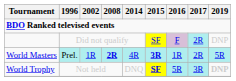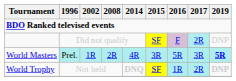 <table class=wikitable style=text-align:center;font-size:88%>
 <tr>
 <th>Tournament</th>
 <th>1996</th>
 <th>2002</th>
 <th>2008</th>
 <th>2014</th>
 <th>2015</th>
 <th>2016</th>
 <th>2017</th>
 <th>2019</th>
 </tr>
 <tr>
 <td colspan="30" align="left"><strong><a href='#'>BDO</a> Ranked televised events</strong></td>
 </tr>
 <tr>
 <td align=left></td>
 <td colspan="4" style="text-align:center; color:#ccc;">Did not qualify</td>
 <td style="text-align:center; background:yellow;"><a href='#'>SF</a></td>
 <td style="text-align:center; background:thistle;"><a href='#'>F</a></td>
 <td style="text-align:center; background:#afeeee;"><a href='#'>2R</a></td>
 <td style="text-align:center; color:#ccc;">DNP</td>
 </tr>
 <tr>
 <td align=left><a href='#'>World Masters</a></td>
 <td style="text-align:center; background:#afeeee;">Prel.</td>
 <td style="text-align:center; background:#afeeee;"><a href='#'>1R</a></td>
-<td style="text-align:center; background:#afeeee;"><strong><a href='#'>2R</a></strong></td>
+<td style="text-align:center; background:#afeeee;"><a href='#'>2R</a></td>
 <td style="text-align:center; background:#afeeee;"><a href='#'>4R</a></td>
-<td style="text-align:center; background:#afeeee;"><strong><a href='#'>3R</a></strong></td>
-<td style="text-align:center; background:#afeeee;"><a href='#'>1R</a></td>
-<td style="text-align:center; background:#afeeee;"><a href='#'>2R</a></td>
+<td style="text-align:center; background:#afeeee;"><a href='#'>3R</a></td>
 <td style="text-align:center; background:#afeeee;"><a href='#'>5R</a></td>
+<td style="text-align:center; background:#afeeee;"><a href='#'>3R</a></td>
+<td style="text-align:center; background:#afeeee;"><strong><a href='#'>5R</a></strong></td>
 </tr>
 <tr>
 <td align=left><a href='#'>World Trophy</a></td>
 <td colspan="3" style="text-align:center; color:#ccc;">Not held</td>
-<td style="text-align:center; color:#ccc;">DNQ</td>
-<td style="text-align:center; background:yellow;"><strong><a href='#'>SF</a></strong></td>
-<td style="text-align:center; background:#afeeee;"><a href='#'>5R</a></td>
-<td style="text-align:center; background:#afeeee;"><a href='#'>3R</a></td>
+<td style="text-align:center; color:#ccc;"><strong>DNQ</strong></td>
+<td style="text-align:center; background:yellow;"><a href='#'>SF</a></td>
+<td style="text-align:center; background:#afeeee;"><a href='#'>1R</a></td>
+<td style="text-align:center; background:#afeeee;"><a href='#'>2R</a></td>
 <td style="text-align:center; color:#ccc;"><strong>DNP</strong></td>
 </tr>
 <tr>
 </tr>
 </table>
